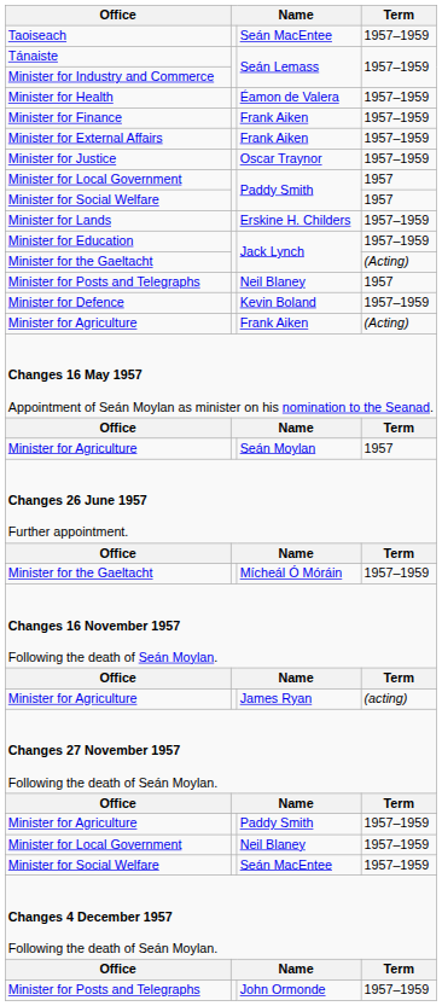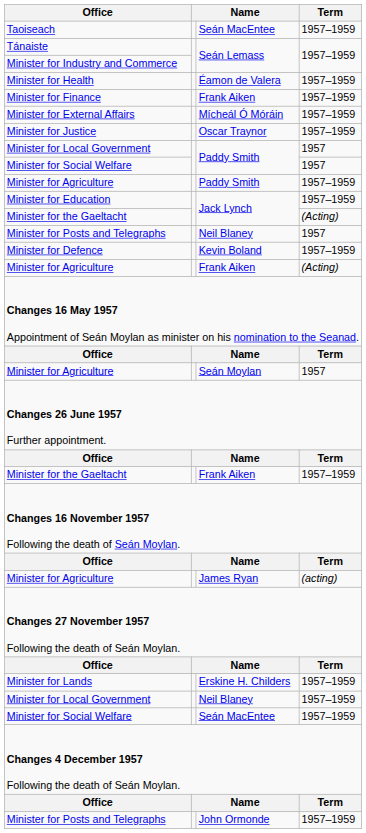 <table class="wikitable">
 <tr>
 <th>Office</th>
 <th colspan="2">Name</th>
 <th>Term</th>
 </tr>
 <tr>
 <td><a href='#'>Taoiseach</a></td>
 <td style="background-color: "></td>
 <td><a href='#'>Seán MacEntee</a></td>
 <td>1957–1959</td>
 </tr>
 <tr>
 <td><a href='#'>Tánaiste</a></td>
 <td rowspan=2 style="background-color: "></td>
 <td rowspan=2><a href='#'>Seán Lemass</a></td>
 <td rowspan=2>1957–1959</td>
 </tr>
 <tr>
 <td><a href='#'>Minister for Industry and Commerce</a></td>
 </tr>
 <tr>
 <td><a href='#'>Minister for Health</a></td>
 <td style="background-color: "></td>
 <td><a href='#'>Éamon de Valera</a></td>
 <td>1957–1959</td>
 </tr>
 <tr>
 <td><a href='#'>Minister for Finance</a></td>
 <td style="background-color: "></td>
 <td><a href='#'>Frank Aiken</a></td>
 <td>1957–1959</td>
 </tr>
 <tr>
 <td><a href='#'>Minister for External Affairs</a></td>
 <td style="background-color: "></td>
-<td><a href='#'>Frank Aiken</a></td>
+<td><a href='#'>Mícheál Ó Móráin</a></td>
 <td>1957–1959</td>
 </tr>
 <tr>
 <td><a href='#'>Minister for Justice</a></td>
 <td style="background-color: "></td>
 <td><a href='#'>Oscar Traynor</a></td>
 <td>1957–1959</td>
 </tr>
 <tr>
 <td><a href='#'>Minister for Local Government</a></td>
 <td rowspan=2 style="background-color: "></td>
 <td rowspan=2><a href='#'>Paddy Smith</a></td>
 <td>1957</td>
 </tr>
 <tr>
 <td><a href='#'>Minister for Social Welfare</a></td>
 <td>1957</td>
 </tr>
 <tr>
-<td><a href='#'>Minister for Lands</a></td>
+<td><a href='#'>Minister for Agriculture</a></td>
 <td style="background-color: "></td>
-<td><a href='#'>Erskine H. Childers</a></td>
+<td><a href='#'>Paddy Smith</a></td>
 <td>1957–1959</td>
 </tr>
 <tr>
 <td><a href='#'>Minister for Education</a></td>
 <td rowspan=2 style="background-color: "></td>
 <td rowspan=2><a href='#'>Jack Lynch</a></td>
 <td>1957–1959</td>
 </tr>
 <tr>
 <td><a href='#'>Minister for the Gaeltacht</a></td>
 <td><em>(Acting)</em></td>
 </tr>
 <tr>
 <td><a href='#'>Minister for Posts and Telegraphs</a></td>
 <td style="background-color: "></td>
 <td><a href='#'>Neil Blaney</a></td>
 <td>1957</td>
 </tr>
 <tr>
 <td><a href='#'>Minister for Defence</a></td>
 <td style="background-color: "></td>
 <td><a href='#'>Kevin Boland</a></td>
 <td>1957–1959</td>
 </tr>
 <tr>
 <td><a href='#'>Minister for Agriculture</a></td>
 <td style="background-color: "></td>
 <td><a href='#'>Frank Aiken</a></td>
 <td><em>(Acting)</em></td>
 </tr>
 <tr>
 <td colspan="4"><br><h4>Changes 16 May 1957</h4>Appointment of Seán Moylan as minister on his <a href='#'>nomination to the Seanad</a>.</td>
 </tr>
 <tr>
 <th>Office</th>
 <th colspan="2">Name</th>
 <th>Term</th>
 </tr>
 <tr>
 <td><a href='#'>Minister for Agriculture</a></td>
 <td style="background-color: "></td>
 <td><a href='#'>Seán Moylan</a></td>
 <td>1957</td>
 </tr>
 <tr>
 <td colspan="4"><br><h4>Changes 26 June 1957</h4>Further appointment.</td>
 </tr>
 <tr>
 <th>Office</th>
 <th colspan="2">Name</th>
 <th>Term</th>
 </tr>
 <tr>
 <td><a href='#'>Minister for the Gaeltacht</a></td>
 <td style="background-color: "></td>
-<td><a href='#'>Mícheál Ó Móráin</a></td>
+<td><a href='#'>Frank Aiken</a></td>
 <td>1957–1959</td>
 </tr>
 <tr>
 <td colspan="4"><br><h4>Changes 16 November 1957</h4>Following the death of <a href='#'>Seán Moylan</a>.</td>
 </tr>
 <tr>
 <th>Office</th>
 <th colspan="2">Name</th>
 <th>Term</th>
 </tr>
 <tr>
 <td><a href='#'>Minister for Agriculture</a></td>
 <td style="background-color: "></td>
 <td><a href='#'>James Ryan</a></td>
 <td><em>(acting)</em></td>
 </tr>
 <tr>
 <td colspan="4"><br><h4>Changes 27 November 1957</h4>Following the death of Seán Moylan.</td>
 </tr>
 <tr>
 <th>Office</th>
 <th colspan="2">Name</th>
 <th>Term</th>
 </tr>
 <tr>
-<td><a href='#'>Minister for Agriculture</a></td>
+<td><a href='#'>Minister for Lands</a></td>
 <td style="background-color: "></td>
-<td><a href='#'>Paddy Smith</a></td>
+<td><a href='#'>Erskine H. Childers</a></td>
 <td>1957–1959</td>
 </tr>
 <tr>
 <td><a href='#'>Minister for Local Government</a></td>
 <td style="background-color: "></td>
 <td><a href='#'>Neil Blaney</a></td>
 <td>1957–1959</td>
 </tr>
 <tr>
 <td><a href='#'>Minister for Social Welfare</a></td>
 <td style="background-color: "></td>
 <td><a href='#'>Seán MacEntee</a></td>
 <td>1957–1959</td>
 </tr>
 <tr>
 <td colspan="4"><br><h4>Changes 4 December 1957</h4>Following the death of Seán Moylan.</td>
 </tr>
 <tr>
 <th>Office</th>
 <th colspan="2">Name</th>
 <th>Term</th>
 </tr>
 <tr>
 <td><a href='#'>Minister for Posts and Telegraphs</a></td>
 <td style="background-color: "></td>
 <td><a href='#'>John Ormonde</a></td>
 <td>1957–1959</td>
 </tr>
 </table>
